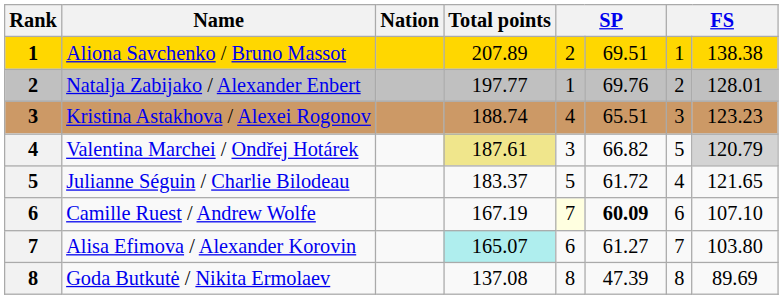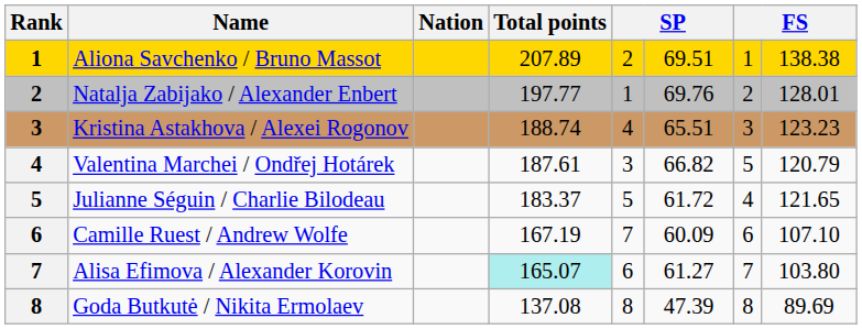 <table class="wikitable sortable">
 <tr>
 <th>Rank</th>
 <th>Name</th>
 <th>Nation</th>
 <th>Total points</th>
 <th colspan="2" width="80px"><a href='#'>SP</a></th>
 <th colspan="2" width="80px"><a href='#'>FS</a></th>
 </tr>
 <tr bgcolor="gold">
 <td align="center"><strong>1</strong></td>
 <td><a href='#'>Aliona Savchenko</a> / <a href='#'>Bruno Massot</a></td>
 <td></td>
 <td align="center">207.89</td>
 <td align="center">2</td>
 <td align="center">69.51</td>
 <td align="center">1</td>
 <td align="center">138.38</td>
 </tr>
 <tr bgcolor="silver">
 <td align="center"><strong>2</strong></td>
 <td><a href='#'>Natalja Zabijako</a> / <a href='#'>Alexander Enbert</a></td>
 <td></td>
 <td align="center">197.77</td>
 <td align="center">1</td>
 <td align="center">69.76</td>
 <td align="center">2</td>
 <td align="center">128.01</td>
 </tr>
 <tr bgcolor="cc9966">
 <td align="center"><strong>3</strong></td>
 <td><a href='#'>Kristina Astakhova</a> / <a href='#'>Alexei Rogonov</a></td>
 <td></td>
 <td align="center">188.74</td>
 <td align="center">4</td>
 <td align="center">65.51</td>
 <td align="center">3</td>
 <td align="center">123.23</td>
 </tr>
 <tr>
 <th>4</th>
 <td><a href='#'>Valentina Marchei</a> / <a href='#'>Ondřej Hotárek</a></td>
 <td></td>
-<td align="center" style="background: khaki;">187.61</td>
+<td align="center">187.61</td>
 <td align="center">3</td>
 <td align="center">66.82</td>
 <td align="center">5</td>
-<td align="center" style="background: lightgrey;">120.79</td>
+<td align="center">120.79</td>
 </tr>
 <tr>
 <th>5</th>
 <td><a href='#'>Julianne Séguin</a> / <a href='#'>Charlie Bilodeau</a></td>
 <td></td>
 <td align="center">183.37</td>
 <td align="center">5</td>
 <td align="center">61.72</td>
 <td align="center">4</td>
 <td align="center">121.65</td>
 </tr>
 <tr>
 <th>6</th>
 <td><a href='#'>Camille Ruest</a> / <a href='#'>Andrew Wolfe</a></td>
 <td></td>
 <td align="center">167.19</td>
-<td align="center" style="background: lightyellow;">7</td>
-<td align="center"><strong>60.09</strong></td>
+<td align="center">7</td>
+<td align="center">60.09</td>
 <td align="center">6</td>
 <td align="center">107.10</td>
 </tr>
 <tr>
 <th>7</th>
 <td><a href='#'>Alisa Efimova</a> / <a href='#'>Alexander Korovin</a></td>
 <td></td>
 <td align="center" style="background: paleturquoise;">165.07</td>
 <td align="center">6</td>
 <td align="center">61.27</td>
 <td align="center">7</td>
 <td align="center">103.80</td>
 </tr>
 <tr>
 <th>8</th>
 <td><a href='#'>Goda Butkutė</a> / <a href='#'>Nikita Ermolaev</a></td>
 <td></td>
 <td align="center">137.08</td>
 <td align="center">8</td>
 <td align="center">47.39</td>
 <td align="center">8</td>
 <td align="center">89.69</td>
 </tr>
 </table>
